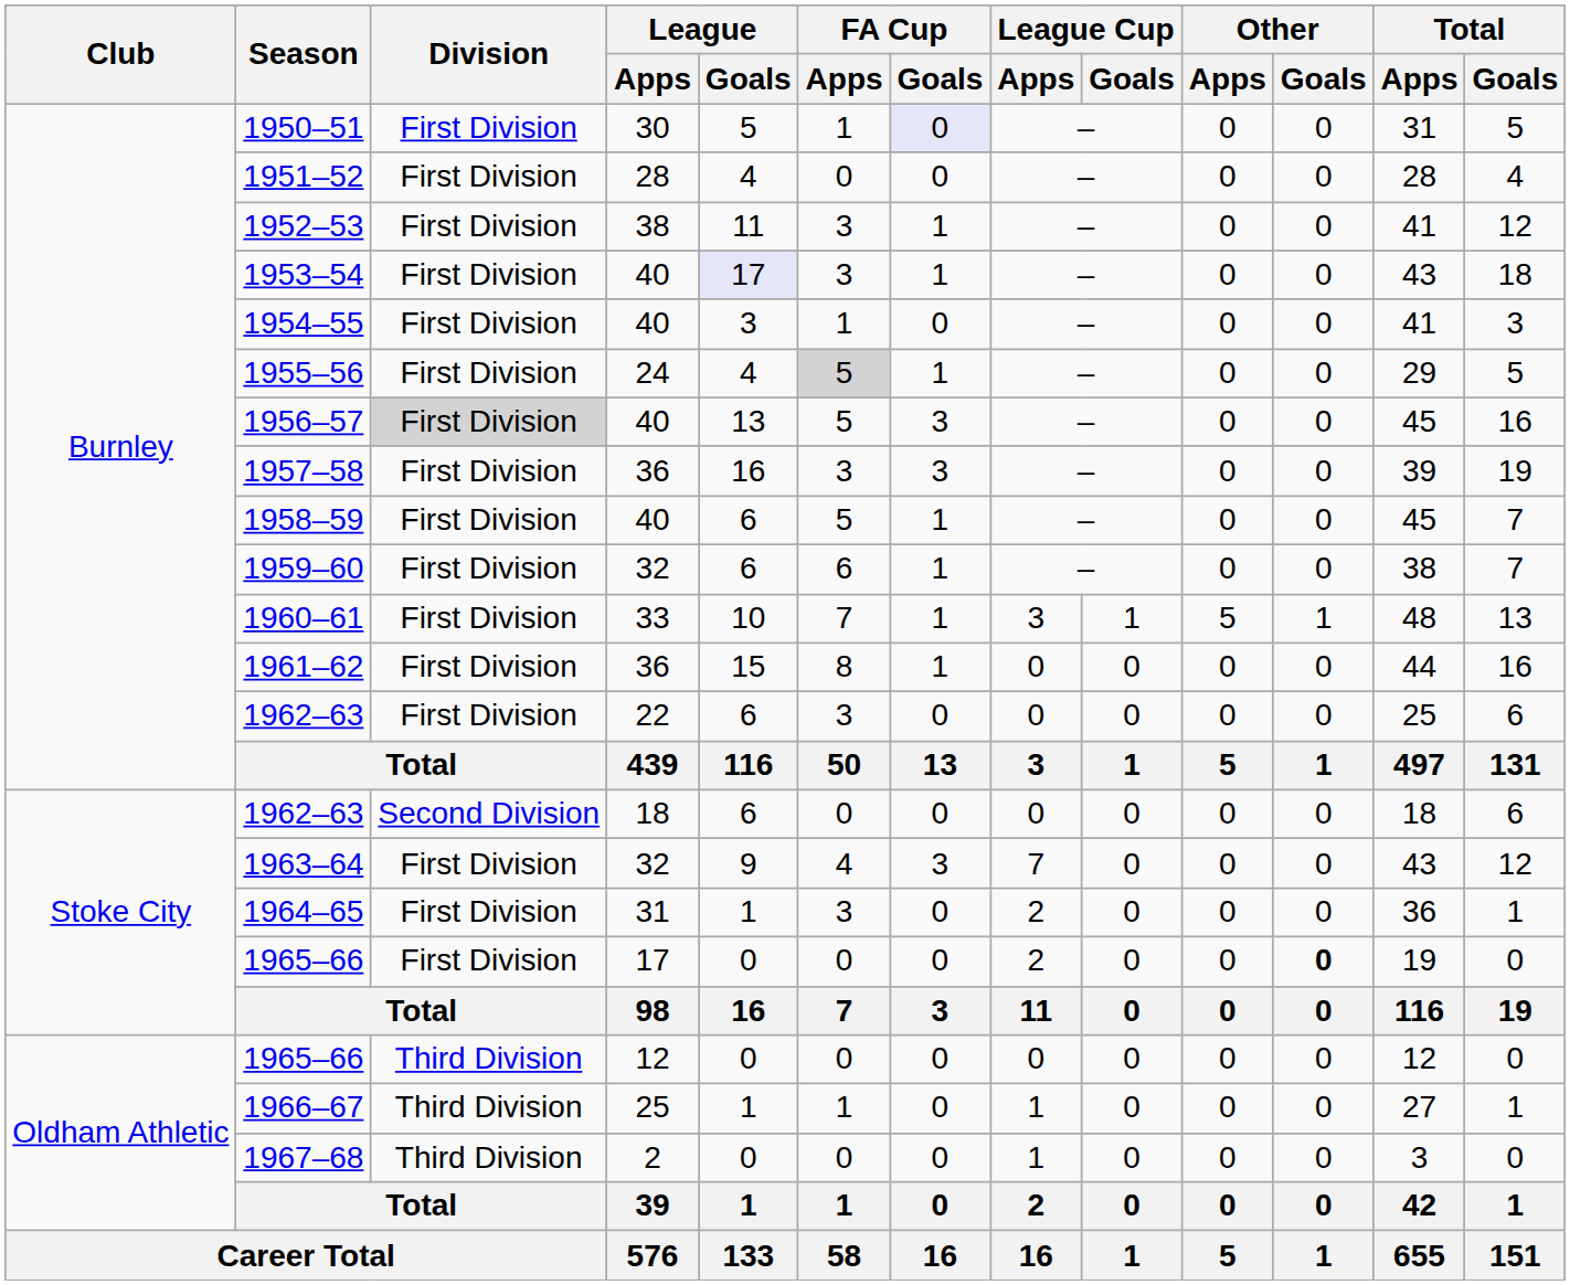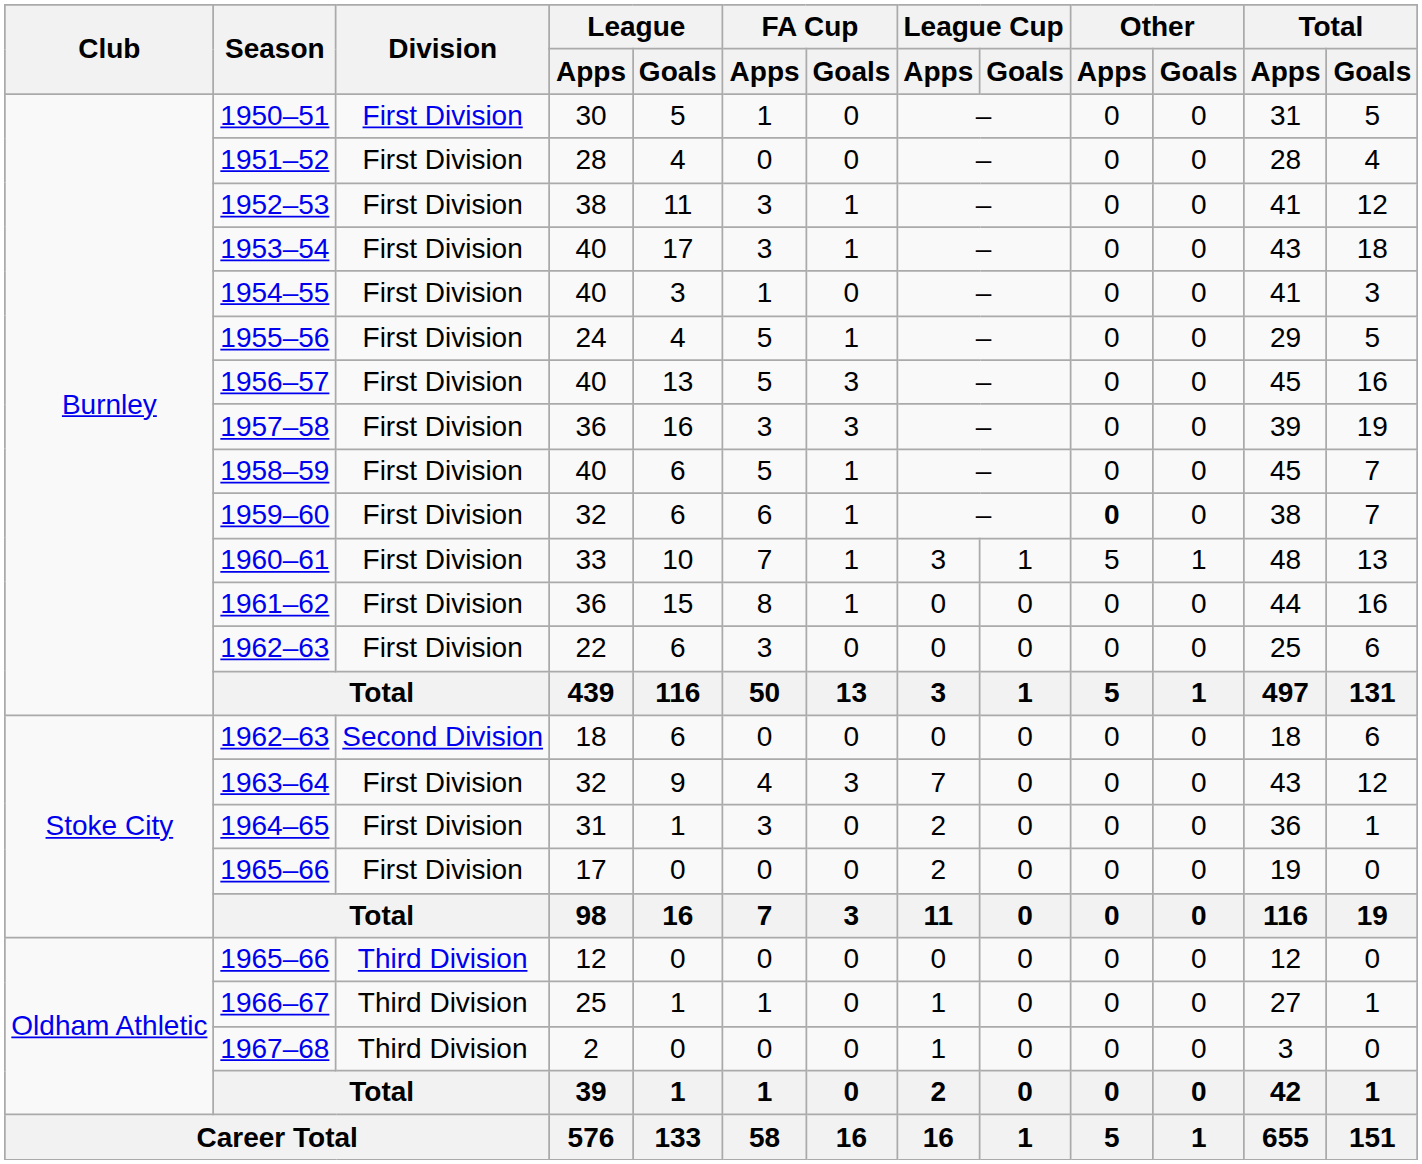 <table class="wikitable" style="text-align: center;">
 <tr>
 <th rowspan="2">Club</th>
 <th rowspan="2">Season</th>
 <th rowspan="2">Division</th>
 <th colspan="2">League</th>
 <th colspan="2">FA Cup</th>
 <th colspan="2">League Cup</th>
 <th colspan="2">Other</th>
 <th colspan="2">Total</th>
 </tr>
 <tr>
 <th>Apps</th>
 <th>Goals</th>
 <th>Apps</th>
 <th>Goals</th>
 <th>Apps</th>
 <th>Goals</th>
 <th>Apps</th>
 <th>Goals</th>
 <th>Apps</th>
 <th>Goals</th>
 </tr>
 <tr>
 <td rowspan="14"><a href='#'>Burnley</a></td>
 <td><a href='#'>1950–51</a></td>
 <td><a href='#'>First Division</a></td>
 <td>30</td>
 <td>5</td>
 <td>1</td>
-<td style="background: lavender;">0</td>
+<td>0</td>
 <td colspan="2">–</td>
 <td>0</td>
 <td>0</td>
 <td>31</td>
 <td>5</td>
 </tr>
 <tr>
 <td><a href='#'>1951–52</a></td>
 <td>First Division</td>
 <td>28</td>
 <td>4</td>
 <td>0</td>
 <td>0</td>
 <td colspan="2">–</td>
 <td>0</td>
 <td>0</td>
 <td>28</td>
 <td>4</td>
 </tr>
 <tr>
 <td><a href='#'>1952–53</a></td>
 <td>First Division</td>
 <td>38</td>
 <td>11</td>
 <td>3</td>
 <td>1</td>
 <td colspan="2">–</td>
 <td>0</td>
 <td>0</td>
 <td>41</td>
 <td>12</td>
 </tr>
 <tr>
 <td><a href='#'>1953–54</a></td>
 <td>First Division</td>
 <td>40</td>
-<td style="background: lavender;">17</td>
+<td>17</td>
 <td>3</td>
 <td>1</td>
 <td colspan="2">–</td>
 <td>0</td>
 <td>0</td>
 <td>43</td>
 <td>18</td>
 </tr>
 <tr>
 <td><a href='#'>1954–55</a></td>
 <td>First Division</td>
 <td>40</td>
 <td>3</td>
 <td>1</td>
 <td>0</td>
 <td colspan="2">–</td>
 <td>0</td>
 <td>0</td>
 <td>41</td>
 <td>3</td>
 </tr>
 <tr>
 <td><a href='#'>1955–56</a></td>
 <td>First Division</td>
 <td>24</td>
 <td>4</td>
-<td style="background: lightgrey;">5</td>
+<td>5</td>
 <td>1</td>
 <td colspan="2">–</td>
 <td>0</td>
 <td>0</td>
 <td>29</td>
 <td>5</td>
 </tr>
 <tr>
 <td><a href='#'>1956–57</a></td>
-<td style="background: lightgrey;">First Division</td>
+<td>First Division</td>
 <td>40</td>
 <td>13</td>
 <td>5</td>
 <td>3</td>
 <td colspan="2">–</td>
 <td>0</td>
 <td>0</td>
 <td>45</td>
 <td>16</td>
 </tr>
 <tr>
 <td><a href='#'>1957–58</a></td>
 <td>First Division</td>
 <td>36</td>
 <td>16</td>
 <td>3</td>
 <td>3</td>
 <td colspan="2">–</td>
 <td>0</td>
 <td>0</td>
 <td>39</td>
 <td>19</td>
 </tr>
 <tr>
 <td><a href='#'>1958–59</a></td>
 <td>First Division</td>
 <td>40</td>
 <td>6</td>
 <td>5</td>
 <td>1</td>
 <td colspan="2">–</td>
 <td>0</td>
 <td>0</td>
 <td>45</td>
 <td>7</td>
 </tr>
 <tr>
 <td><a href='#'>1959–60</a></td>
 <td>First Division</td>
 <td>32</td>
 <td>6</td>
 <td>6</td>
 <td>1</td>
 <td colspan="2">–</td>
-<td>0</td>
+<td><strong>0</strong></td>
 <td>0</td>
 <td>38</td>
 <td>7</td>
 </tr>
 <tr>
 <td><a href='#'>1960–61</a></td>
 <td>First Division</td>
 <td>33</td>
 <td>10</td>
 <td>7</td>
 <td>1</td>
 <td>3</td>
 <td>1</td>
 <td>5</td>
 <td>1</td>
 <td>48</td>
 <td>13</td>
 </tr>
 <tr>
 <td><a href='#'>1961–62</a></td>
 <td>First Division</td>
 <td>36</td>
 <td>15</td>
 <td>8</td>
 <td>1</td>
 <td>0</td>
 <td>0</td>
 <td>0</td>
 <td>0</td>
 <td>44</td>
 <td>16</td>
 </tr>
 <tr>
 <td><a href='#'>1962–63</a></td>
 <td>First Division</td>
 <td>22</td>
 <td>6</td>
 <td>3</td>
 <td>0</td>
 <td>0</td>
 <td>0</td>
 <td>0</td>
 <td>0</td>
 <td>25</td>
 <td>6</td>
 </tr>
 <tr>
 <th colspan="2">Total</th>
 <th>439</th>
 <th>116</th>
 <th>50</th>
 <th>13</th>
 <th>3</th>
 <th>1</th>
 <th>5</th>
 <th>1</th>
 <th>497</th>
 <th>131</th>
 </tr>
 <tr>
 <td rowspan="5"><a href='#'>Stoke City</a></td>
 <td><a href='#'>1962–63</a></td>
 <td><a href='#'>Second Division</a></td>
 <td>18</td>
 <td>6</td>
 <td>0</td>
 <td>0</td>
 <td>0</td>
 <td>0</td>
 <td>0</td>
 <td>0</td>
 <td>18</td>
 <td>6</td>
 </tr>
 <tr>
 <td><a href='#'>1963–64</a></td>
 <td>First Division</td>
 <td>32</td>
 <td>9</td>
 <td>4</td>
 <td>3</td>
 <td>7</td>
 <td>0</td>
 <td>0</td>
 <td>0</td>
 <td>43</td>
 <td>12</td>
 </tr>
 <tr>
 <td><a href='#'>1964–65</a></td>
 <td>First Division</td>
 <td>31</td>
 <td>1</td>
 <td>3</td>
 <td>0</td>
 <td>2</td>
 <td>0</td>
 <td>0</td>
 <td>0</td>
 <td>36</td>
 <td>1</td>
 </tr>
 <tr>
 <td><a href='#'>1965–66</a></td>
 <td>First Division</td>
 <td>17</td>
 <td>0</td>
 <td>0</td>
 <td>0</td>
 <td>2</td>
 <td>0</td>
 <td>0</td>
-<td><strong>0</strong></td>
+<td>0</td>
 <td>19</td>
 <td>0</td>
 </tr>
 <tr>
 <th colspan="2">Total</th>
 <th>98</th>
 <th>16</th>
 <th>7</th>
 <th>3</th>
 <th>11</th>
 <th>0</th>
 <th>0</th>
 <th>0</th>
 <th>116</th>
 <th>19</th>
 </tr>
 <tr>
 <td rowspan="4"><a href='#'>Oldham Athletic</a></td>
 <td><a href='#'>1965–66</a></td>
 <td><a href='#'>Third Division</a></td>
 <td>12</td>
 <td>0</td>
 <td>0</td>
 <td>0</td>
 <td>0</td>
 <td>0</td>
 <td>0</td>
 <td>0</td>
 <td>12</td>
 <td>0</td>
 </tr>
 <tr>
 <td><a href='#'>1966–67</a></td>
 <td>Third Division</td>
 <td>25</td>
 <td>1</td>
 <td>1</td>
 <td>0</td>
 <td>1</td>
 <td>0</td>
 <td>0</td>
 <td>0</td>
 <td>27</td>
 <td>1</td>
 </tr>
 <tr>
 <td><a href='#'>1967–68</a></td>
 <td>Third Division</td>
 <td>2</td>
 <td>0</td>
 <td>0</td>
 <td>0</td>
 <td>1</td>
 <td>0</td>
 <td>0</td>
 <td>0</td>
 <td>3</td>
 <td>0</td>
 </tr>
 <tr>
 <th colspan="2">Total</th>
 <th>39</th>
 <th>1</th>
 <th>1</th>
 <th>0</th>
 <th>2</th>
 <th>0</th>
 <th>0</th>
 <th>0</th>
 <th>42</th>
 <th>1</th>
 </tr>
 <tr>
 <th colspan="3">Career Total</th>
 <th>576</th>
 <th>133</th>
 <th>58</th>
 <th>16</th>
 <th>16</th>
 <th>1</th>
 <th>5</th>
 <th>1</th>
 <th>655</th>
 <th>151</th>
 </tr>
 </table>
